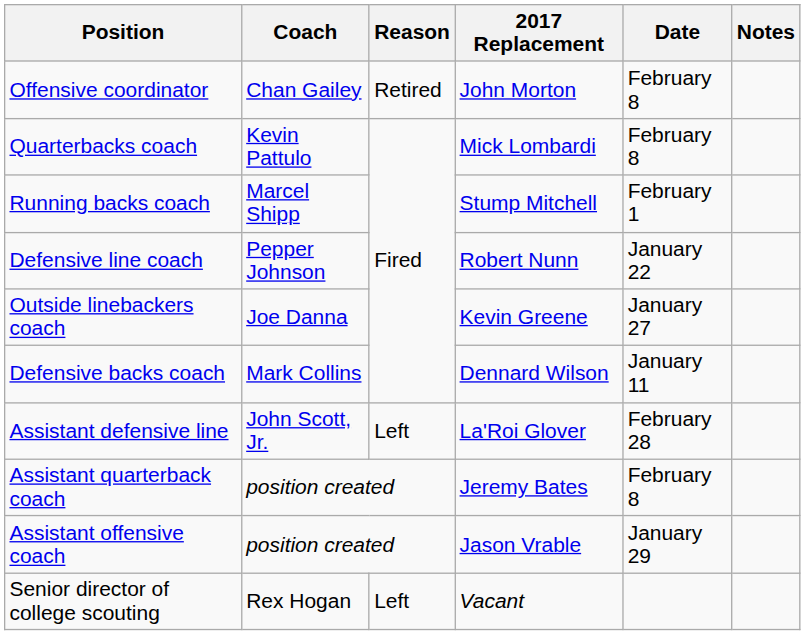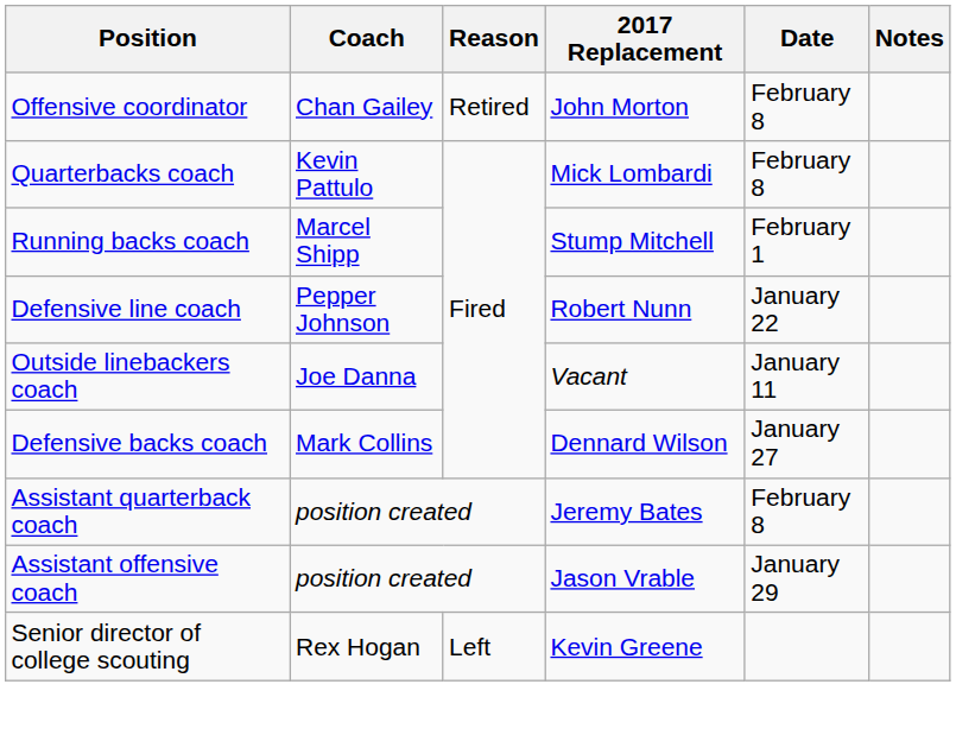 <table class="wikitable">
 <tr>
 <th>Position</th>
 <th>Coach</th>
 <th>Reason</th>
 <th>2017 Replacement</th>
 <th>Date</th>
 <th>Notes</th>
 </tr>
 <tr>
 <td><a href='#'>Offensive coordinator</a></td>
 <td><a href='#'>Chan Gailey</a></td>
 <td>Retired</td>
 <td><a href='#'>John Morton</a></td>
 <td>February 8</td>
 <td></td>
 </tr>
 <tr>
 <td><a href='#'>Quarterbacks coach</a></td>
 <td><a href='#'>Kevin Pattulo</a></td>
 <td rowspan="5">Fired</td>
 <td><a href='#'>Mick Lombardi</a></td>
 <td>February 8</td>
 <td></td>
 </tr>
 <tr>
 <td><a href='#'>Running backs coach</a></td>
 <td><a href='#'>Marcel Shipp</a></td>
 <td><a href='#'>Stump Mitchell</a></td>
 <td>February 1</td>
 <td></td>
 </tr>
 <tr>
 <td><a href='#'>Defensive line coach</a></td>
 <td><a href='#'>Pepper Johnson</a></td>
 <td><a href='#'>Robert Nunn</a></td>
 <td>January 22</td>
 <td></td>
 </tr>
 <tr>
 <td><a href='#'>Outside linebackers coach</a></td>
 <td><a href='#'>Joe Danna</a></td>
-<td><a href='#'>Kevin Greene</a></td>
-<td>January 27</td>
+<td><em>Vacant</em></td>
+<td>January 11</td>
 <td></td>
 </tr>
 <tr>
 <td><a href='#'>Defensive backs coach</a></td>
 <td><a href='#'>Mark Collins</a></td>
 <td><a href='#'>Dennard Wilson</a></td>
-<td>January 11</td>
-<td></td>
-</tr>
-<tr>
-<td><a href='#'>Assistant defensive line</a></td>
-<td><a href='#'>John Scott, Jr.</a></td>
-<td rowspan="1">Left</td>
-<td><a href='#'>La'Roi Glover</a></td>
-<td>February 28</td>
+<td>January 27</td>
 <td></td>
 </tr>
 <tr>
 <td><a href='#'>Assistant quarterback coach</a></td>
 <td colspan="2"><em>position created</em></td>
 <td><a href='#'>Jeremy Bates</a></td>
 <td>February 8</td>
 <td></td>
 </tr>
 <tr>
 <td><a href='#'>Assistant offensive coach</a></td>
 <td colspan="2"><em>position created</em></td>
 <td><a href='#'>Jason Vrable</a></td>
 <td>January 29</td>
 <td></td>
 </tr>
 <tr>
 <td>Senior director of college scouting</td>
 <td>Rex Hogan</td>
 <td>Left</td>
-<td><em>Vacant</em></td>
+<td><a href='#'>Kevin Greene</a></td>
 <td></td>
 <td></td>
 </tr>
 </table>
